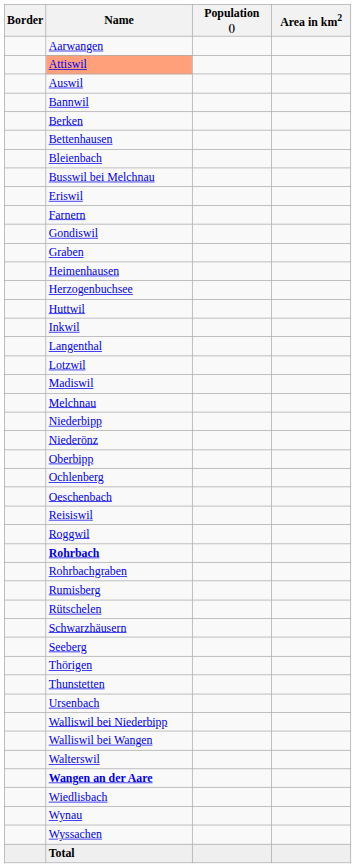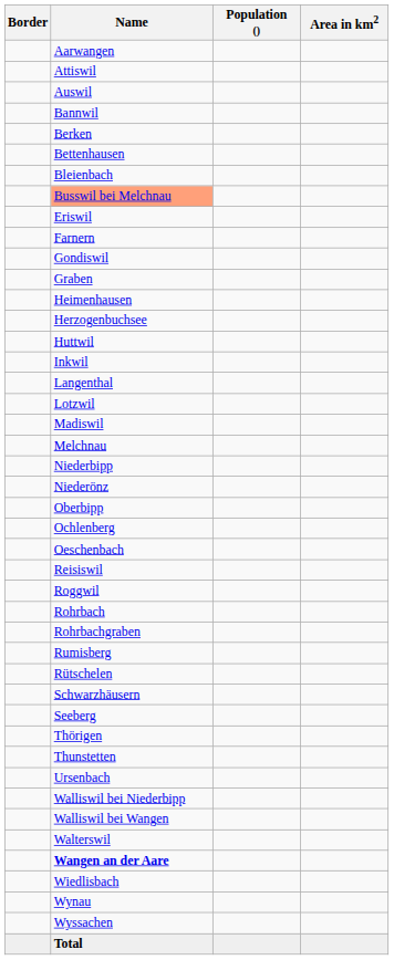 <table class="wikitable">
 <tr>
 <th>Border</th>
 <th width="190">Name</th>
 <th width="100">Population<br><small>()</small></th>
 <th width="100">Area in km<sup>2</sup></th>
 </tr>
 <tr>
 <td align="center"></td>
 <td><a href='#'>Aarwangen</a></td>
 <td align="center"></td>
 <td align="center"></td>
 </tr>
 <tr>
 <td align="center"></td>
-<td style="background: lightsalmon;"><a href='#'>Attiswil</a></td>
+<td><a href='#'>Attiswil</a></td>
 <td align="center"></td>
 <td align="center"></td>
 </tr>
 <tr>
 <td align="center"></td>
 <td><a href='#'>Auswil</a></td>
 <td align="center"></td>
 <td align="center"></td>
 </tr>
 <tr>
 <td align="center"></td>
 <td><a href='#'>Bannwil</a></td>
 <td align="center"></td>
 <td align="center"></td>
 </tr>
 <tr>
 <td align="center"></td>
 <td><a href='#'>Berken</a></td>
 <td align="center"></td>
 <td align="center"></td>
 </tr>
 <tr>
 <td align="center"></td>
 <td><a href='#'>Bettenhausen</a></td>
 <td align="center"></td>
 <td align="center"></td>
 </tr>
 <tr>
 <td align="center"></td>
 <td><a href='#'>Bleienbach</a></td>
 <td align="center"></td>
 <td align="center"></td>
 </tr>
 <tr>
 <td align="center"></td>
-<td><a href='#'>Busswil bei Melchnau</a></td>
+<td style="background: lightsalmon;"><a href='#'>Busswil bei Melchnau</a></td>
 <td align="center"></td>
 <td align="center"></td>
 </tr>
 <tr>
 <td align="center"></td>
 <td><a href='#'>Eriswil</a></td>
 <td align="center"></td>
 <td align="center"></td>
 </tr>
 <tr>
 <td align="center"></td>
 <td><a href='#'>Farnern</a></td>
 <td align="center"></td>
 <td align="center"></td>
 </tr>
 <tr>
 <td align="center"></td>
 <td><a href='#'>Gondiswil</a></td>
 <td align="center"></td>
 <td align="center"></td>
 </tr>
 <tr>
 <td align="center"></td>
 <td><a href='#'>Graben</a></td>
 <td align="center"></td>
 <td align="center"></td>
 </tr>
 <tr>
 <td align="center"></td>
 <td><a href='#'>Heimenhausen</a></td>
 <td align="center"></td>
 <td align="center"></td>
 </tr>
 <tr>
 <td align="center"></td>
 <td><a href='#'>Herzogenbuchsee</a></td>
 <td align="center"></td>
 <td align="center"></td>
 </tr>
 <tr>
 <td align="center"></td>
 <td><a href='#'>Huttwil</a></td>
 <td align="center"></td>
 <td align="center"></td>
 </tr>
 <tr>
 <td align="center"></td>
 <td><a href='#'>Inkwil</a></td>
 <td align="center"></td>
 <td align="center"></td>
 </tr>
 <tr>
 <td align="center"></td>
 <td><a href='#'>Langenthal</a></td>
 <td align="center"></td>
 <td align="center"></td>
 </tr>
 <tr>
 <td align="center"></td>
 <td><a href='#'>Lotzwil</a></td>
 <td align="center"></td>
 <td align="center"></td>
 </tr>
 <tr>
 <td align="center"></td>
 <td><a href='#'>Madiswil</a></td>
 <td align="center"></td>
 <td align="center"></td>
 </tr>
 <tr>
 <td align="center"></td>
 <td><a href='#'>Melchnau</a></td>
 <td align="center"></td>
 <td align="center"></td>
 </tr>
 <tr>
 <td align="center"></td>
 <td><a href='#'>Niederbipp</a></td>
 <td align="center"></td>
 <td align="center"></td>
 </tr>
 <tr>
 <td align="center"></td>
 <td><a href='#'>Niederönz</a></td>
 <td align="center"></td>
 <td align="center"></td>
 </tr>
 <tr>
 <td align="center"></td>
 <td><a href='#'>Oberbipp</a></td>
 <td align="center"></td>
 <td align="center"></td>
 </tr>
 <tr>
 <td align="center"></td>
 <td><a href='#'>Ochlenberg</a></td>
 <td align="center"></td>
 <td align="center"></td>
 </tr>
 <tr>
 <td align="center"></td>
 <td><a href='#'>Oeschenbach</a></td>
 <td align="center"></td>
 <td align="center"></td>
 </tr>
 <tr>
 <td align="center"></td>
 <td><a href='#'>Reisiswil</a></td>
 <td align="center"></td>
 <td align="center"></td>
 </tr>
 <tr>
 <td align="center"></td>
 <td><a href='#'>Roggwil</a></td>
 <td align="center"></td>
 <td align="center"></td>
 </tr>
 <tr>
 <td align="center"></td>
-<td><strong><a href='#'>Rohrbach</a></strong></td>
+<td><a href='#'>Rohrbach</a></td>
 <td align="center"></td>
 <td align="center"></td>
 </tr>
 <tr>
 <td align="center"></td>
 <td><a href='#'>Rohrbachgraben</a></td>
 <td align="center"></td>
 <td align="center"></td>
 </tr>
 <tr>
 <td align="center"></td>
 <td><a href='#'>Rumisberg</a></td>
 <td align="center"></td>
 <td align="center"></td>
 </tr>
 <tr>
 <td align="center"></td>
 <td><a href='#'>Rütschelen</a></td>
 <td align="center"></td>
 <td align="center"></td>
 </tr>
 <tr>
 <td align="center"></td>
 <td><a href='#'>Schwarzhäusern</a></td>
 <td align="center"></td>
 <td align="center"></td>
 </tr>
 <tr>
 <td align="center"></td>
 <td><a href='#'>Seeberg</a></td>
 <td align="center"></td>
 <td align="center"></td>
 </tr>
 <tr>
 <td align="center"></td>
 <td><a href='#'>Thörigen</a></td>
 <td align="center"></td>
 <td align="center"></td>
 </tr>
 <tr>
 <td align="center"></td>
 <td><a href='#'>Thunstetten</a></td>
 <td align="center"></td>
 <td align="center"></td>
 </tr>
 <tr>
 <td align="center"></td>
 <td><a href='#'>Ursenbach</a></td>
 <td align="center"></td>
 <td align="center"></td>
 </tr>
 <tr>
 <td align="center"></td>
 <td><a href='#'>Walliswil bei Niederbipp</a></td>
 <td align="center"></td>
 <td align="center"></td>
 </tr>
 <tr>
 <td align="center"></td>
 <td><a href='#'>Walliswil bei Wangen</a></td>
 <td align="center"></td>
 <td align="center"></td>
 </tr>
 <tr>
 <td align="center"></td>
 <td><a href='#'>Walterswil</a></td>
 <td align="center"></td>
 <td align="center"></td>
 </tr>
 <tr>
 <td align="center"></td>
 <td><strong><a href='#'>Wangen an der Aare</a></strong></td>
 <td align="center"></td>
 <td align="center"></td>
 </tr>
 <tr>
 <td align="center"></td>
 <td><a href='#'>Wiedlisbach</a></td>
 <td align="center"></td>
 <td align="center"></td>
 </tr>
 <tr>
 <td align="center"></td>
 <td><a href='#'>Wynau</a></td>
 <td align="center"></td>
 <td align="center"></td>
 </tr>
 <tr>
 <td align="center"></td>
 <td><a href='#'>Wyssachen</a></td>
 <td align="center"></td>
 <td align="center"></td>
 </tr>
 <tr style="background-color:#EFEFEF;">
 <td></td>
 <td><strong>Total</strong></td>
 <td align="center"></td>
 <td align="center"></td>
 </tr>
 </table>
